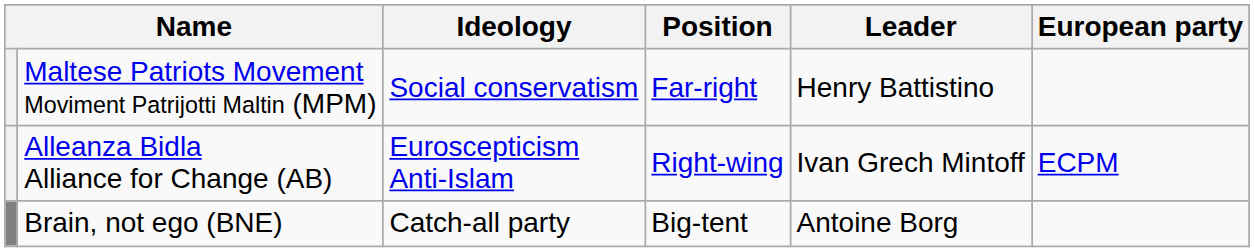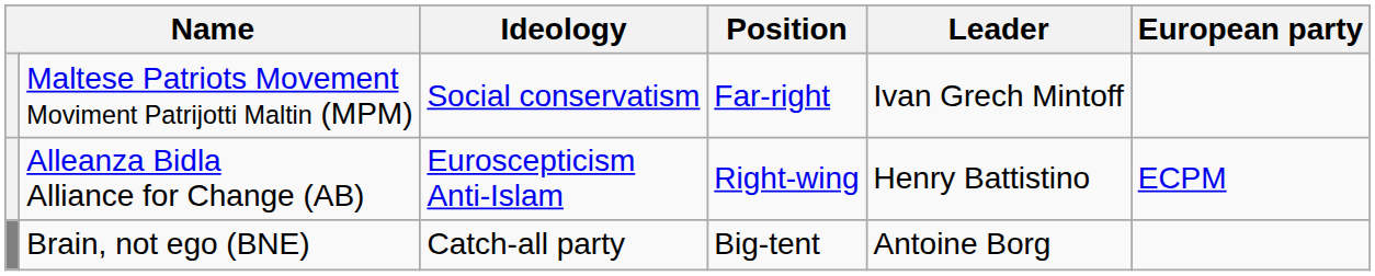 <table class="wikitable">
 <tr>
 <th colspan="2">Name</th>
 <th>Ideology</th>
 <th>Position</th>
 <th>Leader</th>
 <th>European party</th>
 </tr>
 <tr>
 <th style="background-color:"></th>
 <td><a href='#'>Maltese Patriots Movement</a> <br><small>Moviment Patrijotti Maltin</small> (MPM)</td>
 <td><a href='#'>Social conservatism</a></td>
 <td><a href='#'>Far-right</a></td>
-<td>Henry Battistino</td>
+<td>Ivan Grech Mintoff</td>
 <td></td>
 </tr>
 <tr>
 <th style="background-color:"></th>
 <td><a href='#'>Alleanza Bidla</a><br>Alliance for Change (AB)</td>
 <td><a href='#'>Euroscepticism</a><br><a href='#'>Anti-Islam</a></td>
 <td><a href='#'>Right-wing</a></td>
-<td>Ivan Grech Mintoff</td>
+<td>Henry Battistino</td>
 <td><a href='#'>ECPM</a></td>
 </tr>
 <tr>
 <th style="background-color:gray"></th>
 <td>Brain, not ego (BNE)</td>
 <td>Catch-all party</td>
 <td>Big-tent</td>
 <td>Antoine Borg</td>
 <td></td>
 </tr>
 </table>
